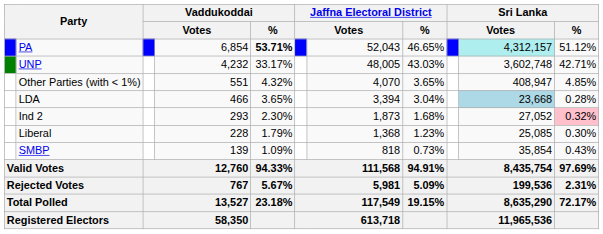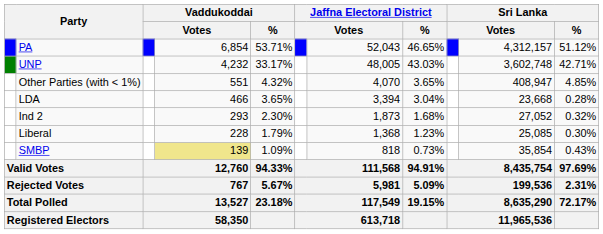 <table class="wikitable">
 <tr>
 <th colspan="2" width="144px"rowspan="2">Party</th>
 <th colspan="3" width="216px">Vaddukoddai</th>
 <th colspan="3" width="216px"><a href='#'>Jaffna Electoral District</a></th>
 <th colspan="3" width="216px">Sri Lanka</th>
 </tr>
 <tr>
 <th colspan="2" width="144px">Votes</th>
 <th>%</th>
 <th colspan="2" width="144px">Votes</th>
 <th>%</th>
 <th colspan="2" width="144px">Votes</th>
 <th>%</th>
 </tr>
 <tr>
 <td style="background-color:blue;" width="10px"></td>
 <td style="text-align:left;"><a href='#'>PA</a></td>
 <td style="background-color:blue;" width="10px"></td>
 <td style="text-align:right;">6,854</td>
-<td style="text-align:right;"><strong>53.71%</strong></td>
+<td style="text-align:right;">53.71%</td>
 <td style="background-color:blue;" width="10px"></td>
 <td style="text-align:right;">52,043</td>
 <td style="text-align:right;">46.65%</td>
 <td style="background-color:blue;" width="10px"></td>
-<td style="background: paleturquoise; text-align:right;">4,312,157</td>
+<td style="text-align:right;">4,312,157</td>
 <td style="text-align:right;">51.12%</td>
 </tr>
 <tr>
 <td style="background-color:green;" width="10px"></td>
 <td style="text-align:left;"><a href='#'>UNP</a></td>
 <td style="background-color:white;" width="10px"></td>
 <td style="text-align:right;">4,232</td>
 <td style="text-align:right;">33.17%</td>
 <td style="background-color:white;" width="10px"></td>
 <td style="text-align:right;">48,005</td>
 <td style="text-align:right;">43.03%</td>
 <td style="background-color:white;" width="10px"></td>
 <td style="text-align:right;">3,602,748</td>
 <td style="text-align:right;">42.71%</td>
 </tr>
 <tr>
 <td style="background-color:white;" width="10px"></td>
 <td style="text-align:left;">Other Parties (with < 1%)</td>
 <td style="background-color:white;" width="10px"></td>
 <td style="text-align:right;">551</td>
 <td style="text-align:right;">4.32%</td>
 <td style="background-color:white;" width="10px"></td>
 <td style="text-align:right;">4,070</td>
 <td style="text-align:right;">3.65%</td>
 <td style="background-color:white;" width="10px"></td>
 <td style="text-align:right;">408,947</td>
 <td style="text-align:right;">4.85%</td>
 </tr>
 <tr>
 <td style="background-color:white;" width="10px"></td>
 <td style="text-align:left;">LDA</td>
 <td style="background-color:white;" width="10px"></td>
 <td style="text-align:right;">466</td>
 <td style="text-align:right;">3.65%</td>
 <td style="background-color:white;" width="10px"></td>
 <td style="text-align:right;">3,394</td>
 <td style="text-align:right;">3.04%</td>
 <td style="background-color:white;" width="10px"></td>
-<td style="background: lightblue; text-align:right;">23,668</td>
+<td style="text-align:right;">23,668</td>
 <td style="text-align:right;">0.28%</td>
 </tr>
 <tr>
 <td style="background-color:white;" width="10px"></td>
 <td style="text-align:left;">Ind 2</td>
 <td style="background-color:white;" width="10px"></td>
 <td style="text-align:right;">293</td>
 <td style="text-align:right;">2.30%</td>
 <td style="background-color:white;" width="10px"></td>
 <td style="text-align:right;">1,873</td>
 <td style="text-align:right;">1.68%</td>
 <td style="background-color:white;" width="10px"></td>
 <td style="text-align:right;">27,052</td>
-<td style="background: pink; text-align:right;">0.32%</td>
+<td style="text-align:right;">0.32%</td>
 </tr>
 <tr>
 <td style="background-color:white;" width="10px"></td>
 <td style="text-align:left;">Liberal</td>
 <td style="background-color:white;" width="10px"></td>
 <td style="text-align:right;">228</td>
 <td style="text-align:right;">1.79%</td>
 <td style="background-color:white;" width="10px"></td>
 <td style="text-align:right;">1,368</td>
 <td style="text-align:right;">1.23%</td>
 <td style="background-color:white;" width="10px"></td>
 <td style="text-align:right;">25,085</td>
 <td style="text-align:right;">0.30%</td>
 </tr>
 <tr>
 <td style="background-color:white;" width="10px"></td>
 <td style="text-align:left;"><a href='#'>SMBP</a></td>
 <td style="background-color:white;" width="10px"></td>
-<td style="text-align:right;">139</td>
+<td style="background: khaki; text-align:right;">139</td>
 <td style="text-align:right;">1.09%</td>
 <td style="background-color:white;" width="10px"></td>
 <td style="text-align:right;">818</td>
 <td style="text-align:right;">0.73%</td>
 <td style="background-color:white;" width="10px"></td>
 <td style="text-align:right;">35,854</td>
 <td style="text-align:right;">0.43%</td>
 </tr>
 <tr>
 <th colspan="2" width="144px"style="text-align:left;">Valid Votes</th>
 <th style="text-align:right;"colspan="2" width="144px">12,760</th>
 <th style="text-align:right;">94.33%</th>
 <th style="text-align:right;"colspan="2" width="144px">111,568</th>
 <th style="text-align:right;">94.91%</th>
 <th style="text-align:right;"colspan="2" width="144px">8,435,754</th>
 <th style="text-align:right;">97.69%</th>
 </tr>
 <tr>
 <th colspan="2" width="144px"style="text-align:left;">Rejected Votes</th>
 <th style="text-align:right;"colspan="2" width="144px">767</th>
 <th style="text-align:right;">5.67%</th>
 <th style="text-align:right;"colspan="2" width="144px">5,981</th>
 <th style="text-align:right;">5.09%</th>
 <th style="text-align:right;"colspan="2" width="144px">199,536</th>
 <th style="text-align:right;">2.31%</th>
 </tr>
 <tr>
 <th colspan="2" width="144px"style="text-align:left;">Total Polled</th>
 <th style="text-align:right;"colspan="2" width="144px">13,527</th>
 <th style="text-align:right;">23.18%</th>
 <th style="text-align:right;"colspan="2" width="144px">117,549</th>
 <th style="text-align:right;">19.15%</th>
 <th style="text-align:right;"colspan="2" width="144px">8,635,290</th>
 <th style="text-align:right;">72.17%</th>
 </tr>
 <tr>
 <th colspan="2" width="144px"style="text-align:left;">Registered Electors</th>
 <th style="text-align:right;"colspan="2" width="144px">58,350</th>
 <th></th>
 <th style="text-align:right;"colspan="2" width="144px">613,718</th>
 <th></th>
 <th style="text-align:right;"colspan="2" width="144px">11,965,536</th>
 <th></th>
 </tr>
 </table>
